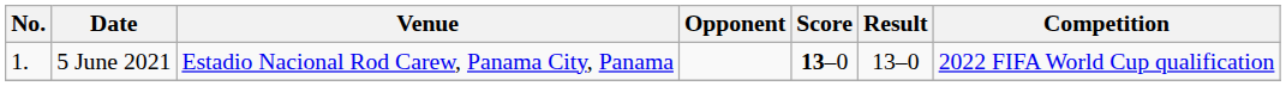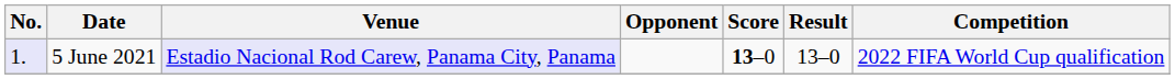 <table class="wikitable">
 <tr>
 <th>No.</th>
 <th>Date</th>
 <th>Venue</th>
 <th>Opponent</th>
 <th>Score</th>
 <th>Result</th>
 <th>Competition</th>
 </tr>
 <tr>
-<td>1.</td>
+<td style="background: lavender;">1.</td>
 <td>5 June 2021</td>
-<td><a href='#'>Estadio Nacional Rod Carew</a>, <a href='#'>Panama City</a>, <a href='#'>Panama</a></td>
+<td style="background: lavender;"><a href='#'>Estadio Nacional Rod Carew</a>, <a href='#'>Panama City</a>, <a href='#'>Panama</a></td>
 <td></td>
 <td align=center><strong>13</strong>–0</td>
 <td align=center>13–0</td>
 <td><a href='#'>2022 FIFA World Cup qualification</a></td>
 </tr>
 <tr>
 </tr>
 </table>
